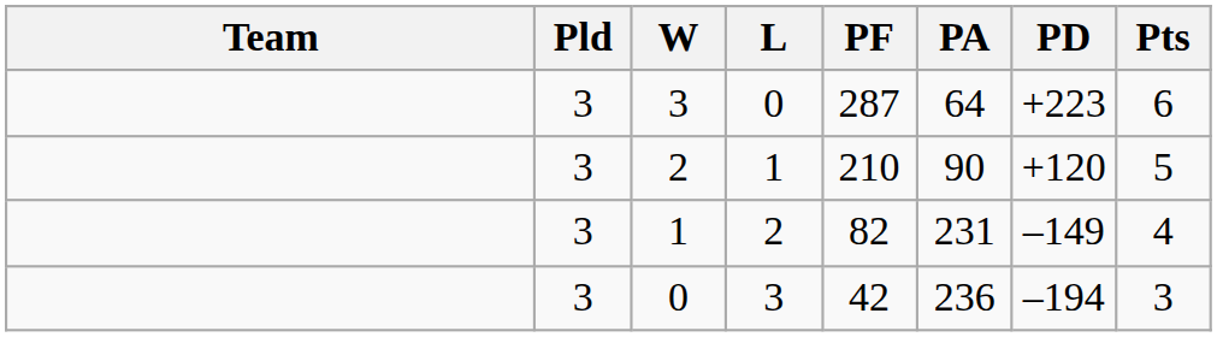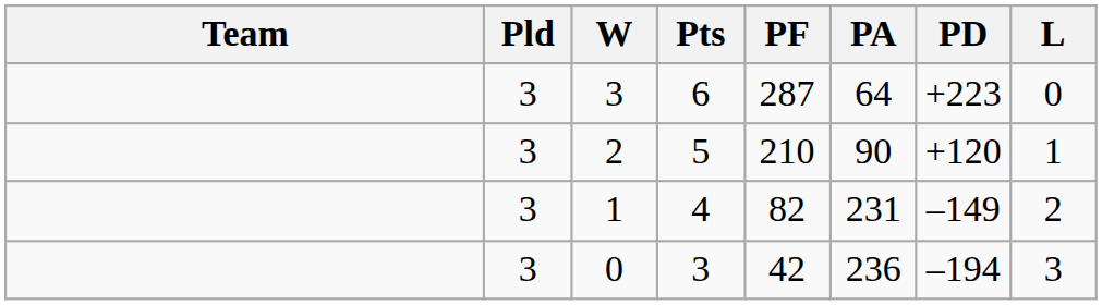 <table class="wikitable" style="text-align:center;">
 <tr>
 <th width=200>Team</th>
 <th width=30>Pld</th>
 <th width=30>W</th>
-<th width=30>L</th>
+<th width=30>Pts</th>
 <th width=30>PF</th>
 <th width=30>PA</th>
 <th width=30>PD</th>
-<th width=30>Pts</th>
+<th width=30>L</th>
 </tr>
 <tr>
 <td align=left></td>
 <td>3</td>
 <td>3</td>
-<td>0</td>
+<td>6</td>
 <td>287</td>
 <td>64</td>
 <td>+223</td>
-<td>6</td>
+<td>0</td>
 </tr>
 <tr>
 <td align=left></td>
 <td>3</td>
 <td>2</td>
-<td>1</td>
+<td>5</td>
 <td>210</td>
 <td>90</td>
 <td>+120</td>
-<td>5</td>
+<td>1</td>
 </tr>
 <tr>
 <td align=left></td>
 <td>3</td>
 <td>1</td>
-<td>2</td>
+<td>4</td>
 <td>82</td>
 <td>231</td>
 <td>–149</td>
-<td>4</td>
+<td>2</td>
 </tr>
 <tr>
 <td align=left></td>
 <td>3</td>
 <td>0</td>
 <td>3</td>
 <td>42</td>
 <td>236</td>
 <td>–194</td>
 <td>3</td>
 </tr>
 </table>
